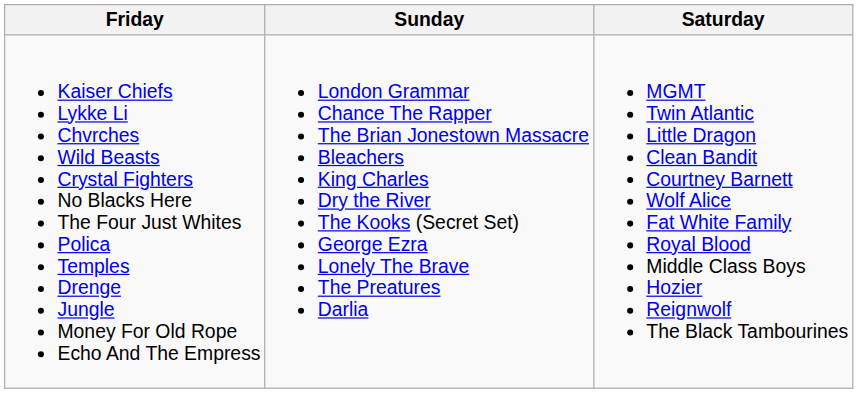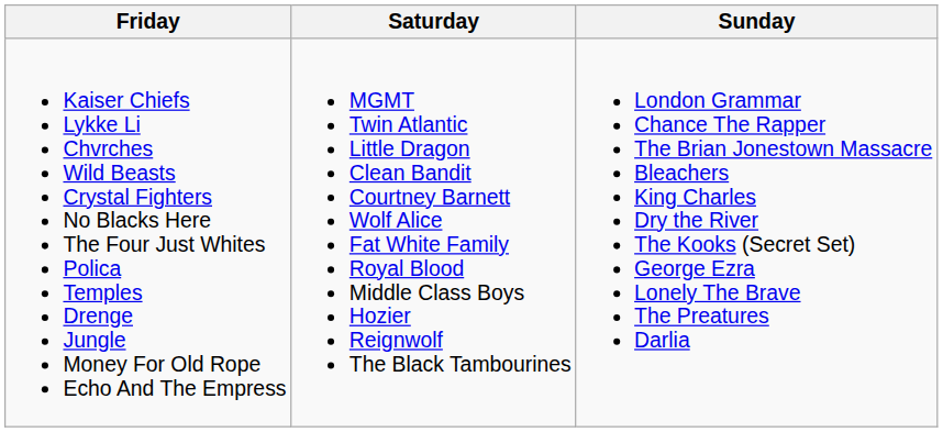 <table class="wikitable">
 <tr>
 <th>Friday</th>
+<th>Saturday</th>
 <th>Sunday</th>
-<th>Saturday</th>
 </tr>
 <tr valign="top">
 <td><br><ul><li><a href='#'>Kaiser Chiefs</a></li><li><a href='#'>Lykke Li</a></li><li><a href='#'>Chvrches</a></li><li><a href='#'>Wild Beasts</a></li><li><a href='#'>Crystal Fighters</a></li><li>No Blacks Here</li><li>The Four Just Whites</li><li><a href='#'>Polica</a></li><li><a href='#'>Temples</a></li><li><a href='#'>Drenge</a></li><li><a href='#'>Jungle</a></li><li>Money For Old Rope</li><li>Echo And The Empress</li></ul></td>
+<td><br><ul><li><a href='#'>MGMT</a></li><li><a href='#'>Twin Atlantic</a></li><li><a href='#'>Little Dragon</a></li><li><a href='#'>Clean Bandit</a></li><li><a href='#'>Courtney Barnett</a></li><li><a href='#'>Wolf Alice</a></li><li><a href='#'>Fat White Family</a></li><li><a href='#'>Royal Blood</a></li><li>Middle Class Boys</li><li><a href='#'>Hozier</a></li><li><a href='#'>Reignwolf</a></li><li>The Black Tambourines</li></ul></td>
 <td><br><ul><li><a href='#'>London Grammar</a></li><li><a href='#'>Chance The Rapper</a></li><li><a href='#'>The Brian Jonestown Massacre</a></li><li><a href='#'>Bleachers</a></li><li><a href='#'>King Charles</a></li><li><a href='#'>Dry the River</a></li><li><a href='#'>The Kooks</a> (Secret Set)</li><li><a href='#'>George Ezra</a></li><li><a href='#'>Lonely The Brave</a></li><li><a href='#'>The Preatures</a></li><li><a href='#'>Darlia</a></li></ul></td>
-<td><br><ul><li><a href='#'>MGMT</a></li><li><a href='#'>Twin Atlantic</a></li><li><a href='#'>Little Dragon</a></li><li><a href='#'>Clean Bandit</a></li><li><a href='#'>Courtney Barnett</a></li><li><a href='#'>Wolf Alice</a></li><li><a href='#'>Fat White Family</a></li><li><a href='#'>Royal Blood</a></li><li>Middle Class Boys</li><li><a href='#'>Hozier</a></li><li><a href='#'>Reignwolf</a></li><li>The Black Tambourines</li></ul></td>
 </tr>
 </table>
